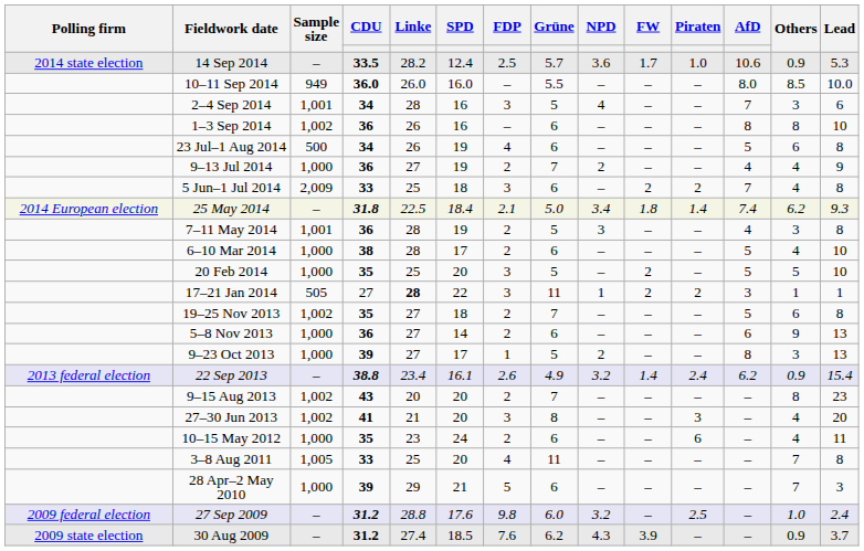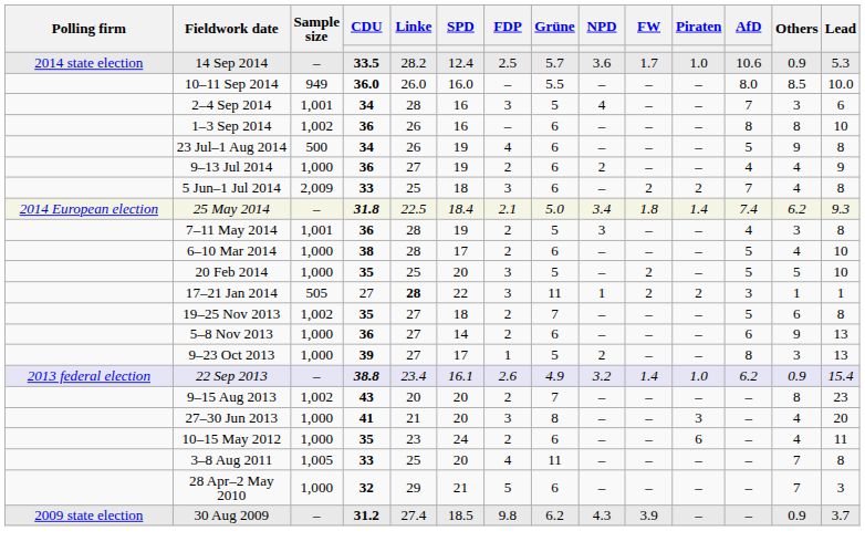 <table class="wikitable sortable" style="text-align:center;font-size:90%;line-height:14px;">
 <tr style="height:40px;">
 <th style="width:160px;" rowspan="2">Polling firm</th>
 <th style="width:110px;" rowspan="2">Fieldwork date</th>
 <th style="width:35px;" rowspan="2">Sample<br>size</th>
 <th class="unsortable" style="width:40px;"><a href='#'>CDU</a></th>
 <th class="unsortable" style="width:40px;"><a href='#'>Linke</a></th>
 <th class="unsortable" style="width:40px;"><a href='#'>SPD</a></th>
 <th class="unsortable" style="width:40px;"><a href='#'>FDP</a></th>
 <th class="unsortable" style="width:40px;"><a href='#'>Grüne</a></th>
 <th class="unsortable" style="width:40px;"><a href='#'>NPD</a></th>
 <th class="unsortable" style="width:40px;"><a href='#'>FW</a></th>
 <th class="unsortable" style="width:40px;"><a href='#'>Piraten</a></th>
 <th class="unsortable" style="width:40px;"><a href='#'>AfD</a></th>
 <th class="unsortable" style="width:40px;" rowspan="2">Others</th>
 <th style="width:30px;" rowspan="2">Lead</th>
 </tr>
 <tr>
 <th style="background:"></th>
 <th style="background:"></th>
 <th style="background:"></th>
 <th style="background:"></th>
 <th style="background:"></th>
 <th style="background:"></th>
 <th style="background:"></th>
 <th style="background:"></th>
 <th style="background:"></th>
 </tr>
 <tr style="background:#E9E9E9;">
 <td><a href='#'>2014 state election</a></td>
 <td data-sort-value="2014-09-14">14 Sep 2014</td>
 <td>–</td>
 <td><strong>33.5</strong></td>
 <td>28.2</td>
 <td>12.4</td>
 <td>2.5</td>
 <td>5.7</td>
 <td>3.6</td>
 <td>1.7</td>
 <td>1.0</td>
 <td>10.6</td>
 <td>0.9</td>
 <td style="background:">5.3</td>
 </tr>
 <tr>
 <td></td>
 <td data-sort-value="2014-09-11">10–11 Sep 2014</td>
 <td>949</td>
 <td><strong>36.0</strong></td>
 <td>26.0</td>
 <td>16.0</td>
 <td>–</td>
 <td>5.5</td>
 <td>–</td>
 <td>–</td>
 <td>–</td>
 <td>8.0</td>
 <td>8.5</td>
 <td style="background:">10.0</td>
 </tr>
 <tr>
 <td></td>
 <td data-sort-value="2014-09-04">2–4 Sep 2014</td>
 <td>1,001</td>
 <td><strong>34</strong></td>
 <td>28</td>
 <td>16</td>
 <td>3</td>
 <td>5</td>
 <td>4</td>
 <td>–</td>
 <td>–</td>
 <td>7</td>
 <td>3</td>
 <td style="background:">6</td>
 </tr>
 <tr>
 <td></td>
 <td data-sort-value="2014-09-03">1–3 Sep 2014</td>
 <td>1,002</td>
 <td><strong>36</strong></td>
 <td>26</td>
 <td>16</td>
 <td>–</td>
 <td>6</td>
 <td>–</td>
 <td>–</td>
 <td>–</td>
 <td>8</td>
 <td>8</td>
 <td style="background:">10</td>
 </tr>
 <tr>
 <td></td>
 <td data-sort-value="2014-08-01">23 Jul–1 Aug 2014</td>
 <td>500</td>
 <td><strong>34</strong></td>
 <td>26</td>
 <td>19</td>
 <td>4</td>
 <td>6</td>
 <td>–</td>
 <td>–</td>
 <td>–</td>
 <td>5</td>
-<td>6</td>
+<td>9</td>
 <td style="background:">8</td>
 </tr>
 <tr>
 <td></td>
 <td data-sort-value="2014-07-13">9–13 Jul 2014</td>
 <td>1,000</td>
 <td><strong>36</strong></td>
 <td>27</td>
 <td>19</td>
 <td>2</td>
-<td>7</td>
+<td>6</td>
 <td>2</td>
 <td>–</td>
 <td>–</td>
 <td>4</td>
 <td>4</td>
 <td style="background:">9</td>
 </tr>
 <tr>
 <td></td>
 <td data-sort-value="2014-07-01">5 Jun–1 Jul 2014</td>
 <td>2,009</td>
 <td><strong>33</strong></td>
 <td>25</td>
 <td>18</td>
 <td>3</td>
 <td>6</td>
 <td>–</td>
 <td>2</td>
 <td>2</td>
 <td>7</td>
 <td>4</td>
 <td style="background:">8</td>
 </tr>
 <tr style="background:#F5F5E5;font-style:italic;">
 <td><a href='#'>2014 European election</a></td>
 <td data-sort-value="2014-05-25">25 May 2014</td>
 <td>–</td>
 <td><strong>31.8</strong></td>
 <td>22.5</td>
 <td>18.4</td>
 <td>2.1</td>
 <td>5.0</td>
 <td>3.4</td>
 <td>1.8</td>
 <td>1.4</td>
 <td>7.4</td>
 <td>6.2</td>
 <td style="background:">9.3</td>
 </tr>
 <tr>
 <td></td>
 <td data-sort-value="2014-05-11">7–11 May 2014</td>
 <td>1,001</td>
 <td><strong>36</strong></td>
 <td>28</td>
 <td>19</td>
 <td>2</td>
 <td>5</td>
 <td>3</td>
 <td>–</td>
 <td>–</td>
 <td>4</td>
 <td>3</td>
 <td style="background:">8</td>
 </tr>
 <tr>
 <td></td>
 <td data-sort-value="2014-03-10">6–10 Mar 2014</td>
 <td>1,000</td>
 <td><strong>38</strong></td>
 <td>28</td>
 <td>17</td>
 <td>2</td>
 <td>6</td>
 <td>–</td>
 <td>–</td>
 <td>–</td>
 <td>5</td>
 <td>4</td>
 <td style="background:">10</td>
 </tr>
 <tr>
 <td></td>
 <td data-sort-value="2014-02-20">20 Feb 2014</td>
 <td>1,000</td>
 <td><strong>35</strong></td>
 <td>25</td>
 <td>20</td>
 <td>3</td>
 <td>5</td>
 <td>–</td>
 <td>2</td>
 <td>–</td>
 <td>5</td>
 <td>5</td>
 <td style="background:">10</td>
 </tr>
 <tr>
 <td></td>
 <td data-sort-value="2014-01-21">17–21 Jan 2014</td>
 <td>505</td>
 <td>27</td>
 <td><strong>28</strong></td>
 <td>22</td>
 <td>3</td>
 <td>11</td>
 <td>1</td>
 <td>2</td>
 <td>2</td>
 <td>3</td>
 <td>1</td>
 <td style="background:">1</td>
 </tr>
 <tr>
 <td></td>
 <td data-sort-value="2013-11-25">19–25 Nov 2013</td>
 <td>1,002</td>
 <td><strong>35</strong></td>
 <td>27</td>
 <td>18</td>
 <td>2</td>
 <td>7</td>
 <td>–</td>
 <td>–</td>
 <td>–</td>
 <td>5</td>
 <td>6</td>
 <td style="background:">8</td>
 </tr>
 <tr>
 <td></td>
 <td data-sort-value="2013-11-08">5–8 Nov 2013</td>
 <td>1,000</td>
 <td><strong>36</strong></td>
 <td>27</td>
 <td>14</td>
 <td>2</td>
 <td>6</td>
 <td>–</td>
 <td>–</td>
 <td>–</td>
 <td>6</td>
 <td>9</td>
 <td style="background:">13</td>
 </tr>
 <tr>
 <td></td>
 <td data-sort-value="2013-10-23">9–23 Oct 2013</td>
 <td>1,000</td>
 <td><strong>39</strong></td>
 <td>27</td>
 <td>17</td>
 <td>1</td>
 <td>5</td>
 <td>2</td>
 <td>–</td>
 <td>–</td>
 <td>8</td>
 <td>3</td>
 <td style="background:">13</td>
 </tr>
 <tr style="background:#E5E5F5;font-style:italic;">
 <td><a href='#'>2013 federal election</a></td>
 <td data-sort-value="2013-09-22">22 Sep 2013</td>
 <td>–</td>
 <td><strong>38.8</strong></td>
 <td>23.4</td>
 <td>16.1</td>
 <td>2.6</td>
 <td>4.9</td>
 <td>3.2</td>
 <td>1.4</td>
-<td>2.4</td>
+<td>1.0</td>
 <td>6.2</td>
 <td>0.9</td>
 <td style="background:">15.4</td>
 </tr>
 <tr>
 <td></td>
 <td data-sort-value="2013-08-15">9–15 Aug 2013</td>
 <td>1,002</td>
 <td><strong>43</strong></td>
 <td>20</td>
 <td>20</td>
 <td>2</td>
 <td>7</td>
 <td>–</td>
 <td>–</td>
 <td>–</td>
 <td>–</td>
 <td>8</td>
 <td style="background:">23</td>
 </tr>
 <tr>
 <td></td>
 <td data-sort-value="2013-06-30">27–30 Jun 2013</td>
-<td>1,002</td>
+<td>1,000</td>
 <td><strong>41</strong></td>
 <td>21</td>
 <td>20</td>
 <td>3</td>
 <td>8</td>
 <td>–</td>
 <td>–</td>
 <td>3</td>
 <td>–</td>
 <td>4</td>
 <td style="background:">20</td>
 </tr>
 <tr>
 <td></td>
 <td data-sort-value="2012-05-15">10–15 May 2012</td>
 <td>1,000</td>
 <td><strong>35</strong></td>
 <td>23</td>
 <td>24</td>
 <td>2</td>
 <td>6</td>
 <td>–</td>
 <td>–</td>
 <td>6</td>
 <td>–</td>
 <td>4</td>
 <td style="background:">11</td>
 </tr>
 <tr>
 <td></td>
 <td data-sort-value="2011-08-08">3–8 Aug 2011</td>
 <td>1,005</td>
 <td><strong>33</strong></td>
 <td>25</td>
 <td>20</td>
 <td>4</td>
 <td>11</td>
 <td>–</td>
 <td>–</td>
 <td>–</td>
 <td>–</td>
 <td>7</td>
 <td style="background:">8</td>
 </tr>
 <tr>
 <td></td>
 <td data-sort-value="2010-05-02">28 Apr–2 May 2010</td>
 <td>1,000</td>
-<td><strong>39</strong></td>
+<td><strong>32</strong></td>
 <td>29</td>
 <td>21</td>
 <td>5</td>
 <td>6</td>
 <td>–</td>
 <td>–</td>
 <td>–</td>
 <td>–</td>
 <td>7</td>
 <td style="background:">3</td>
 </tr>
-<tr style="background:#E5E5F5;font-style:italic;">
-<td><a href='#'>2009 federal election</a></td>
-<td data-sort-value="2009-09-27">27 Sep 2009</td>
-<td>–</td>
-<td><strong>31.2</strong></td>
-<td>28.8</td>
-<td>17.6</td>
-<td>9.8</td>
-<td>6.0</td>
-<td>3.2</td>
-<td>–</td>
-<td>2.5</td>
-<td>–</td>
-<td>1.0</td>
-<td style="background:">2.4</td>
-</tr>
 <tr style="background:#E9E9E9;">
 <td><a href='#'>2009 state election</a></td>
 <td data-sort-value="2009-08-30">30 Aug 2009</td>
 <td>–</td>
 <td><strong>31.2</strong></td>
 <td>27.4</td>
 <td>18.5</td>
-<td>7.6</td>
+<td>9.8</td>
 <td>6.2</td>
 <td>4.3</td>
 <td>3.9</td>
 <td>–</td>
 <td>–</td>
 <td>0.9</td>
 <td style="background:">3.7</td>
 </tr>
 </table>
